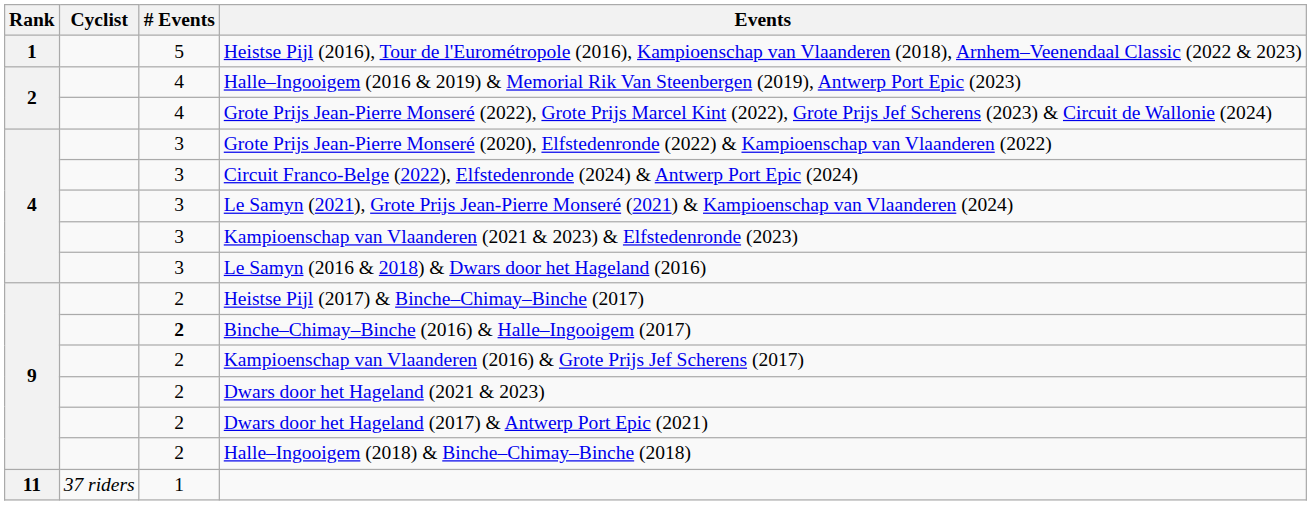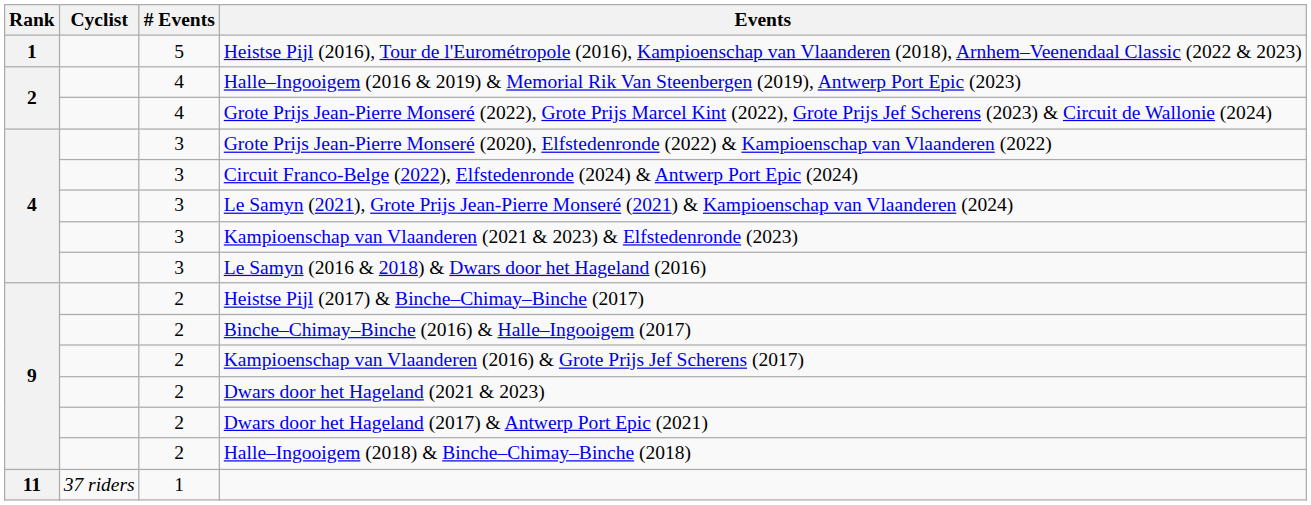 <table class="wikitable">
 <tr>
 <th>Rank</th>
 <th>Cyclist</th>
 <th># Events</th>
 <th>Events</th>
 </tr>
 <tr>
 <th rowspan="1">1</th>
 <td></td>
 <td rowspan="1" align="center">5</td>
 <td><a href='#'>Heistse Pijl</a> (2016), <a href='#'>Tour de l'Eurométropole</a> (2016), <a href='#'>Kampioenschap van Vlaanderen</a> (2018), <a href='#'>Arnhem–Veenendaal Classic</a> (2022 & 2023)</td>
 </tr>
 <tr>
 <th rowspan="2">2</th>
 <td></td>
 <td align="center">4</td>
 <td><a href='#'>Halle–Ingooigem</a> (2016 & 2019) & <a href='#'>Memorial Rik Van Steenbergen</a> (2019), <a href='#'>Antwerp Port Epic</a> (2023)</td>
 </tr>
 <tr>
 <td></td>
 <td align="center">4</td>
 <td><a href='#'>Grote Prijs Jean-Pierre Monseré</a> (2022), <a href='#'>Grote Prijs Marcel Kint</a> (2022), <a href='#'>Grote Prijs Jef Scherens</a> (2023) & <a href='#'>Circuit de Wallonie</a> (2024)</td>
 </tr>
 <tr>
 <th rowspan="5">4</th>
 <td></td>
 <td align="center">3</td>
 <td><a href='#'>Grote Prijs Jean-Pierre Monseré</a> (2020), <a href='#'>Elfstedenronde</a> (2022) & <a href='#'>Kampioenschap van Vlaanderen</a> (2022)</td>
 </tr>
 <tr>
 <td></td>
 <td align="center">3</td>
 <td><a href='#'>Circuit Franco-Belge</a> (<a href='#'>2022</a>), <a href='#'>Elfstedenronde</a> (2024) & <a href='#'>Antwerp Port Epic</a> (2024)</td>
 </tr>
 <tr>
 <td></td>
 <td align="center">3</td>
 <td><a href='#'>Le Samyn</a> (<a href='#'>2021</a>), <a href='#'>Grote Prijs Jean-Pierre Monseré</a> (<a href='#'>2021</a>) & <a href='#'>Kampioenschap van Vlaanderen</a> (2024)</td>
 </tr>
 <tr>
 <td></td>
 <td align="center">3</td>
 <td><a href='#'>Kampioenschap van Vlaanderen</a> (2021 & 2023) & <a href='#'>Elfstedenronde</a> (2023)</td>
 </tr>
 <tr>
 <td></td>
 <td align="center">3</td>
 <td><a href='#'>Le Samyn</a> (2016 & <a href='#'>2018</a>) & <a href='#'>Dwars door het Hageland</a> (2016)</td>
 </tr>
 <tr>
 <th rowspan="6">9</th>
 <td></td>
 <td align="center">2</td>
 <td><a href='#'>Heistse Pijl</a> (2017) & <a href='#'>Binche–Chimay–Binche</a> (2017)</td>
 </tr>
 <tr>
 <td></td>
-<td align="center"><strong>2</strong></td>
+<td align="center">2</td>
 <td><a href='#'>Binche–Chimay–Binche</a> (2016) & <a href='#'>Halle–Ingooigem</a> (2017)</td>
 </tr>
 <tr>
 <td></td>
 <td align="center">2</td>
 <td><a href='#'>Kampioenschap van Vlaanderen</a> (2016) & <a href='#'>Grote Prijs Jef Scherens</a> (2017)</td>
 </tr>
 <tr>
 <td></td>
 <td align="center">2</td>
 <td><a href='#'>Dwars door het Hageland</a> (2021 & 2023)</td>
 </tr>
 <tr>
 <td></td>
 <td align="center">2</td>
 <td><a href='#'>Dwars door het Hageland</a> (2017) & <a href='#'>Antwerp Port Epic</a> (2021)</td>
 </tr>
 <tr>
 <td></td>
 <td align="center">2</td>
 <td><a href='#'>Halle–Ingooigem</a> (2018) & <a href='#'>Binche–Chimay–Binche</a> (2018)</td>
 </tr>
 <tr>
 <th>11</th>
 <td align="center"><em>37 riders</em></td>
 <td align="center">1</td>
 <td></td>
 </tr>
 </table>
